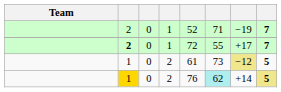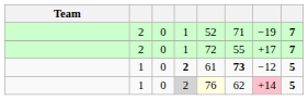 <table class="wikitable" style="text-align:center;">
 <tr>
 <th style="width:10.5em;">Team</th>
 <th style="width:1.5em;"></th>
 <th style="width:1.5em;"></th>
 <th style="width:1.5em;"></th>
 <th style="width:2.0em;"></th>
 <th style="width:2.0em;"></th>
 <th style="width:2.0em;"></th>
 <th style="width:1.5em;"></th>
 </tr>
 <tr bgcolor=#cfc>
 <td align="left"></td>
 <td>2</td>
 <td>0</td>
 <td>1</td>
 <td>52</td>
 <td>71</td>
 <td>−19</td>
 <td><strong>7</strong></td>
 </tr>
 <tr>
 </tr>
 <tr bgcolor=#cfc>
 <td align="left"></td>
-<td><strong>2</strong></td>
+<td>2</td>
 <td>0</td>
 <td>1</td>
 <td>72</td>
 <td>55</td>
 <td>+17</td>
 <td><strong>7</strong></td>
 </tr>
 <tr>
 <td align="left"></td>
 <td>1</td>
 <td>0</td>
-<td>2</td>
+<td><strong>2</strong></td>
 <td>61</td>
-<td>73</td>
-<td style="background: khaki;">−12</td>
+<td><strong>73</strong></td>
+<td>−12</td>
 <td><strong>5</strong></td>
 </tr>
 <tr>
 <td align="left"></td>
-<td style="background: gold;">1</td>
+<td>1</td>
 <td>0</td>
-<td>2</td>
-<td>76</td>
-<td style="background: paleturquoise;">62</td>
-<td>+14</td>
-<td style="background: khaki;"><strong>5</strong></td>
+<td style="background: lightgrey;">2</td>
+<td style="background: lightyellow;">76</td>
+<td>62</td>
+<td style="background: pink;">+14</td>
+<td><strong>5</strong></td>
 </tr>
 </table>
